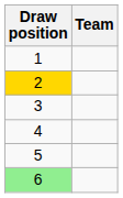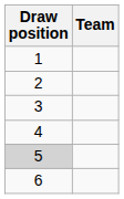 <table class="wikitable sortable" style="text-align: left;">
 <tr>
 <th>Draw<br>position</th>
 <th>Team</th>
 </tr>
 <tr>
 <td align=center>1</td>
 <td></td>
 </tr>
 <tr>
-<td align=center style="background: gold;">2</td>
+<td align=center>2</td>
 <td><strong></strong></td>
 </tr>
 <tr>
 <td align=center>3</td>
 <td><em></em></td>
 </tr>
 <tr>
 <td align=center>4</td>
 <td><strong></strong></td>
 </tr>
 <tr>
-<td align=center>5</td>
+<td align=center style="background: lightgrey;">5</td>
 <td><strong></strong></td>
 </tr>
 <tr>
-<td align=center style="background: lightgreen;">6</td>
+<td align=center>6</td>
 <td></td>
 </tr>
 </table>
